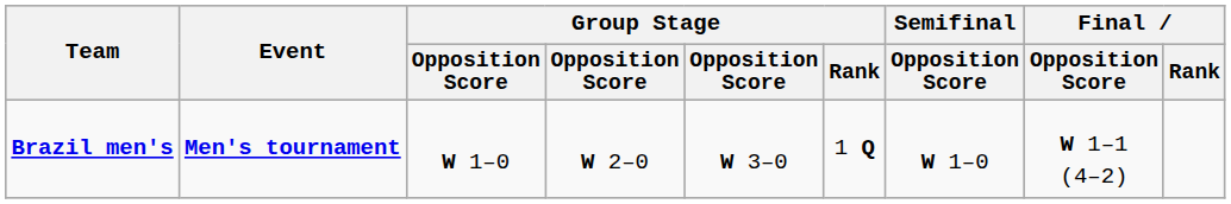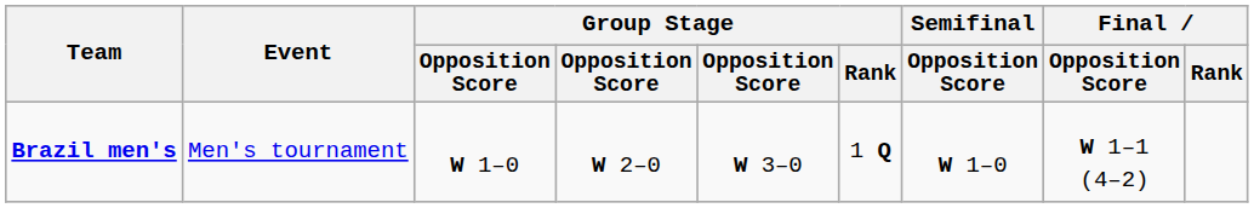 <table class=wikitable style=font-size:90%;text-align:center>
 <tr>
 <th rowspan=2>Team</th>
 <th rowspan=2>Event</th>
 <th colspan=4>Group Stage</th>
 <th>Semifinal</th>
 <th colspan=2>Final / </th>
 </tr>
 <tr style=font-size:95%>
 <th>Opposition<br>Score</th>
 <th>Opposition<br>Score</th>
 <th>Opposition<br>Score</th>
 <th>Rank</th>
 <th>Opposition<br>Score</th>
 <th>Opposition<br>Score</th>
 <th>Rank</th>
 </tr>
 <tr align=center>
 <td align=left><strong><a href='#'>Brazil men's</a></strong></td>
-<td align=left><strong><a href='#'>Men's tournament</a></strong></td>
+<td align=left><a href='#'>Men's tournament</a></td>
 <td><br><strong>W</strong> 1–0</td>
 <td><br><strong>W</strong> 2–0</td>
 <td><br><strong>W</strong> 3–0</td>
 <td>1 <strong>Q</strong></td>
 <td><br><strong>W</strong> 1–0</td>
 <td><br><strong>W</strong> 1–1 <br>(4–2<sup></sup>)</td>
 <td></td>
 </tr>
 </table>
